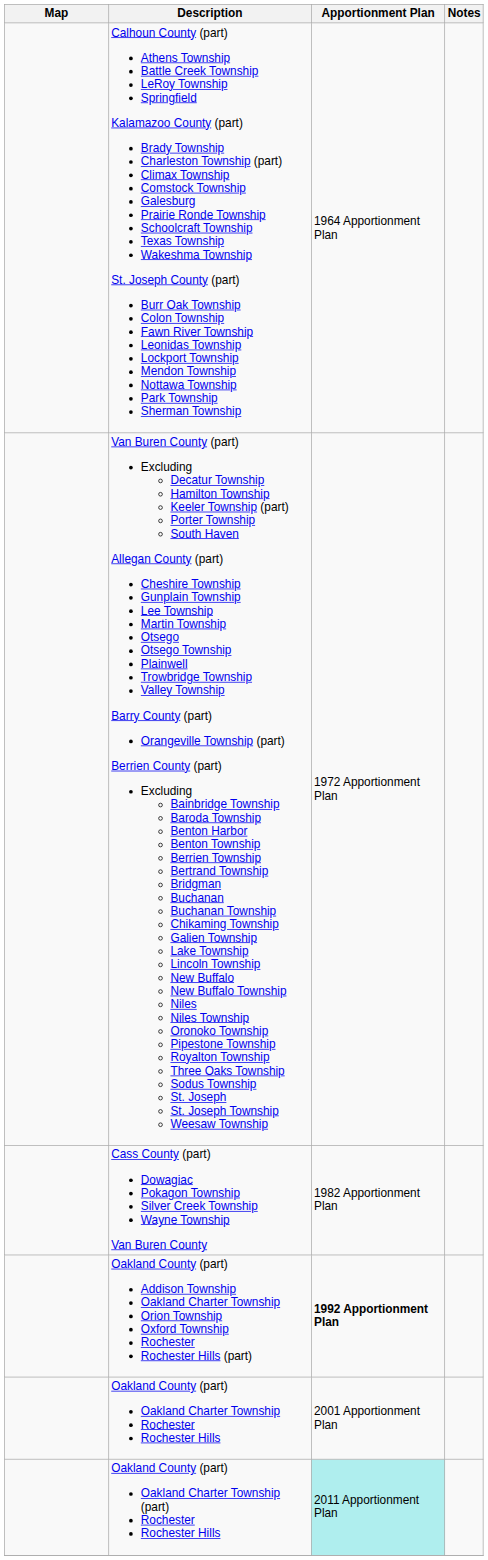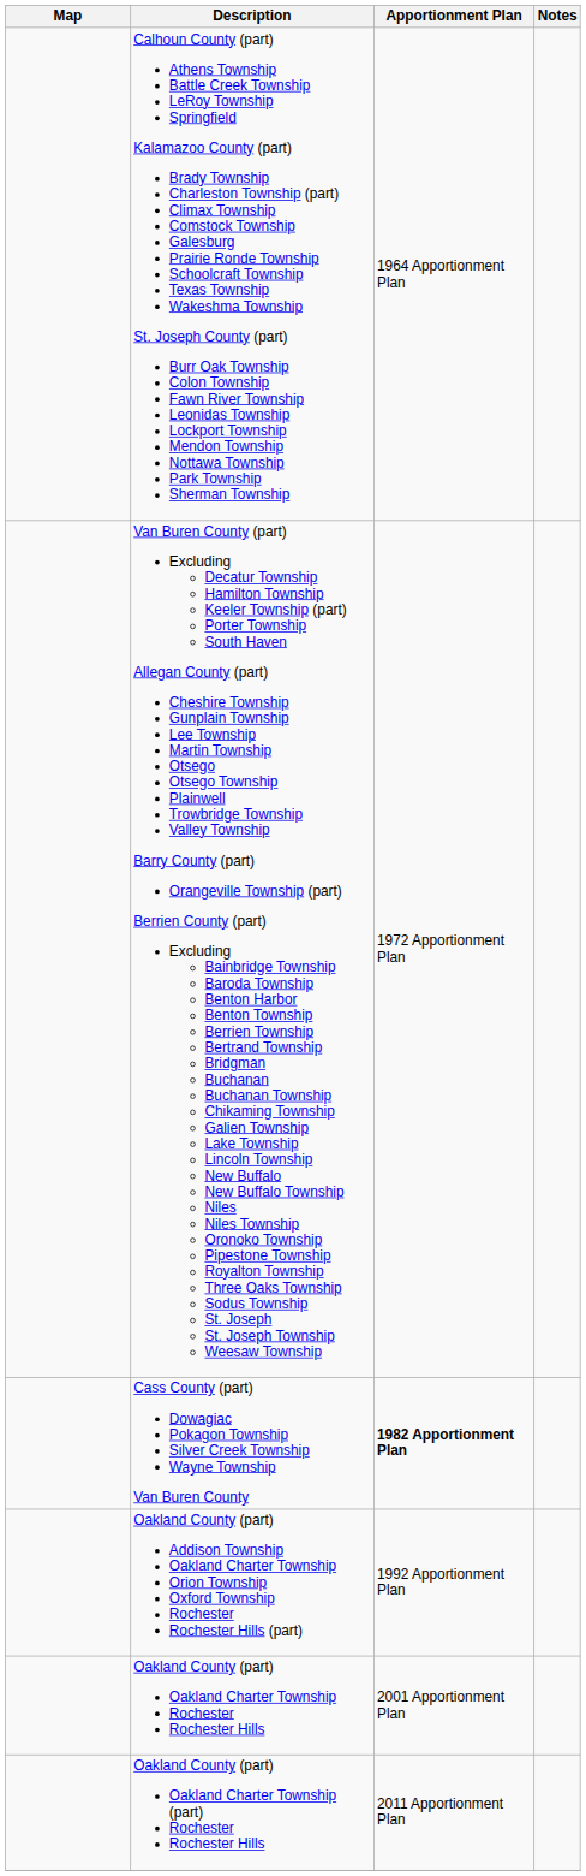 <table class="wikitable sortable">
 <tr>
 <th style="width:100pt;">Map</th>
 <th style="width:200pt;">Description</th>
 <th style="width:130pt;">Apportionment Plan</th>
 <th style="width:15pt;">Notes</th>
 </tr>
 <tr>
 <td></td>
 <td><a href='#'>Calhoun County</a> (part)<br><ul><li><a href='#'>Athens Township</a></li><li><a href='#'>Battle Creek Township</a></li><li><a href='#'>LeRoy Township</a></li><li><a href='#'>Springfield</a></li></ul><a href='#'>Kalamazoo County</a> (part)<ul><li><a href='#'>Brady Township</a></li><li><a href='#'>Charleston Township</a> (part)</li><li><a href='#'>Climax Township</a></li><li><a href='#'>Comstock Township</a></li><li><a href='#'>Galesburg</a></li><li><a href='#'>Prairie Ronde Township</a></li><li><a href='#'>Schoolcraft Township</a></li><li><a href='#'>Texas Township</a></li><li><a href='#'>Wakeshma Township</a></li></ul><a href='#'>St. Joseph County</a> (part)<ul><li><a href='#'>Burr Oak Township</a></li><li><a href='#'>Colon Township</a></li><li><a href='#'>Fawn River Township</a></li><li><a href='#'>Leonidas Township</a></li><li><a href='#'>Lockport Township</a></li><li><a href='#'>Mendon Township</a></li><li><a href='#'>Nottawa Township</a></li><li><a href='#'>Park Township</a></li><li><a href='#'>Sherman Township</a></li></ul></td>
 <td>1964 Apportionment Plan</td>
 <td></td>
 </tr>
 <tr>
 <td></td>
 <td><a href='#'>Van Buren County</a> (part)<br><ul><li>Excluding<ul><li><a href='#'>Decatur Township</a></li><li><a href='#'>Hamilton Township</a></li><li><a href='#'>Keeler Township</a> (part)</li><li><a href='#'>Porter Township</a></li><li><a href='#'>South Haven</a></li></ul></li></ul><a href='#'>Allegan County</a> (part)<ul><li><a href='#'>Cheshire Township</a></li><li><a href='#'>Gunplain Township</a></li><li><a href='#'>Lee Township</a></li><li><a href='#'>Martin Township</a></li><li><a href='#'>Otsego</a></li><li><a href='#'>Otsego Township</a></li><li><a href='#'>Plainwell</a></li><li><a href='#'>Trowbridge Township</a></li><li><a href='#'>Valley Township</a></li></ul><a href='#'>Barry County</a> (part)<ul><li><a href='#'>Orangeville Township</a> (part)</li></ul><a href='#'>Berrien County</a> (part)<ul><li>Excluding<ul><li><a href='#'>Bainbridge Township</a></li><li><a href='#'>Baroda Township</a></li><li><a href='#'>Benton Harbor</a></li><li><a href='#'>Benton Township</a></li><li><a href='#'>Berrien Township</a></li><li><a href='#'>Bertrand Township</a></li><li><a href='#'>Bridgman</a></li><li><a href='#'>Buchanan</a></li><li><a href='#'>Buchanan Township</a></li><li><a href='#'>Chikaming Township</a></li><li><a href='#'>Galien Township</a></li><li><a href='#'>Lake Township</a></li><li><a href='#'>Lincoln Township</a></li><li><a href='#'>New Buffalo</a></li><li><a href='#'>New Buffalo Township</a></li><li><a href='#'>Niles</a></li><li><a href='#'>Niles Township</a></li><li><a href='#'>Oronoko Township</a></li><li><a href='#'>Pipestone Township</a></li><li><a href='#'>Royalton Township</a></li><li><a href='#'>Three Oaks Township</a></li><li><a href='#'>Sodus Township</a></li><li><a href='#'>St. Joseph</a></li><li><a href='#'>St. Joseph Township</a></li><li><a href='#'>Weesaw Township</a></li></ul></li></ul></td>
 <td>1972 Apportionment Plan</td>
 <td></td>
 </tr>
 <tr>
 <td></td>
 <td><a href='#'>Cass County</a> (part)<br><ul><li><a href='#'>Dowagiac</a></li><li><a href='#'>Pokagon Township</a></li><li><a href='#'>Silver Creek Township</a></li><li><a href='#'>Wayne Township</a></li></ul><a href='#'>Van Buren County</a></td>
-<td>1982 Apportionment Plan</td>
+<td><strong>1982 Apportionment Plan</strong></td>
 <td></td>
 </tr>
 <tr>
 <td></td>
 <td><a href='#'>Oakland County</a> (part)<br><ul><li><a href='#'>Addison Township</a></li><li><a href='#'>Oakland Charter Township</a></li><li><a href='#'>Orion Township</a></li><li><a href='#'>Oxford Township</a></li><li><a href='#'>Rochester</a></li><li><a href='#'>Rochester Hills</a> (part)</li></ul></td>
-<td><strong>1992 Apportionment Plan</strong></td>
+<td>1992 Apportionment Plan</td>
 <td></td>
 </tr>
 <tr>
 <td></td>
 <td><a href='#'>Oakland County</a> (part)<br><ul><li><a href='#'>Oakland Charter Township</a></li><li><a href='#'>Rochester</a></li><li><a href='#'>Rochester Hills</a></li></ul></td>
 <td>2001 Apportionment Plan</td>
 <td></td>
 </tr>
 <tr>
 <td></td>
 <td><a href='#'>Oakland County</a> (part)<br><ul><li><a href='#'>Oakland Charter Township</a> (part)</li><li><a href='#'>Rochester</a></li><li><a href='#'>Rochester Hills</a></li></ul></td>
-<td style="background: paleturquoise;">2011 Apportionment Plan</td>
+<td>2011 Apportionment Plan</td>
 <td></td>
 </tr>
 <tr>
 </tr>
 </table>
